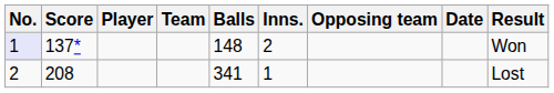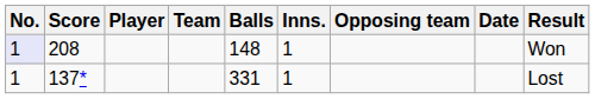 <table class="wikitable sortable" style="font-size:95%">
 <tr>
 <th>No.</th>
 <th>Score</th>
 <th>Player</th>
 <th>Team</th>
 <th>Balls</th>
 <th>Inns.</th>
 <th>Opposing team</th>
 <th>Date</th>
 <th>Result</th>
 </tr>
 <tr>
 <td style="background: lavender;">1</td>
-<td> 137<a href='#'>*</a></td>
+<td> 208</td>
 <td></td>
 <td></td>
 <td> 148</td>
-<td>2</td>
+<td>1</td>
 <td></td>
 <td></td>
 <td>Won</td>
 </tr>
 <tr>
-<td>2</td>
-<td> 208</td>
+<td>1</td>
+<td> 137<a href='#'>*</a></td>
 <td></td>
 <td></td>
-<td> 341</td>
+<td> 331</td>
 <td>1</td>
 <td></td>
 <td></td>
 <td>Lost</td>
 </tr>
 </table>
